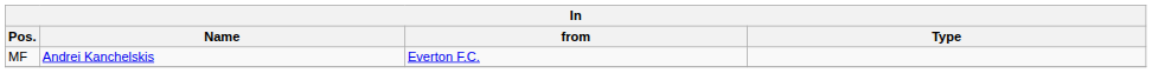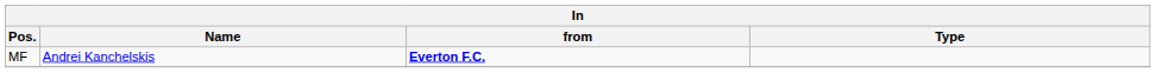 <table class="wikitable" style="font-size:90%;width:99%;">
 <tr>
 <th colspan="4">In</th>
 </tr>
 <tr>
 <th width=3%>Pos.</th>
 <th width=32%>Name</th>
 <th width=30%>from</th>
 <th width=35%>Type</th>
 </tr>
 <tr>
 <td>MF</td>
 <td><a href='#'>Andrei Kanchelskis</a></td>
-<td><a href='#'>Everton F.C.</a></td>
+<td><strong><a href='#'>Everton F.C.</a></strong></td>
 <td></td>
 </tr>
 <tr>
 </tr>
 </table>
